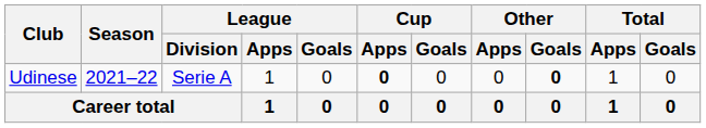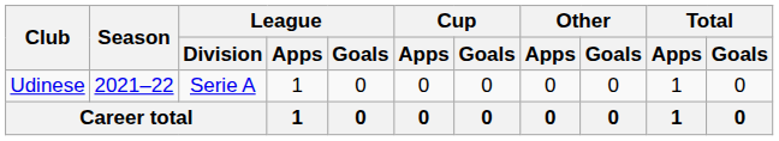 <table class="wikitable" style="text-align: center">
 <tr>
 <th rowspan="2">Club</th>
 <th rowspan="2">Season</th>
 <th colspan="3">League</th>
 <th colspan="2">Cup</th>
 <th colspan="2">Other</th>
 <th colspan="2">Total</th>
 </tr>
 <tr>
 <th>Division</th>
 <th>Apps</th>
 <th>Goals</th>
 <th>Apps</th>
 <th>Goals</th>
 <th>Apps</th>
 <th>Goals</th>
 <th>Apps</th>
 <th>Goals</th>
 </tr>
 <tr>
 <td><a href='#'>Udinese</a></td>
 <td><a href='#'>2021–22</a></td>
 <td><a href='#'>Serie A</a></td>
 <td>1</td>
 <td>0</td>
-<td><strong>0</strong></td>
 <td>0</td>
 <td>0</td>
-<td><strong>0</strong></td>
+<td>0</td>
+<td>0</td>
 <td>1</td>
 <td>0</td>
 </tr>
 <tr>
 <th colspan="3">Career total</th>
 <th>1</th>
 <th>0</th>
 <th>0</th>
 <th>0</th>
 <th>0</th>
 <th>0</th>
 <th>1</th>
 <th>0</th>
 </tr>
 </table>
